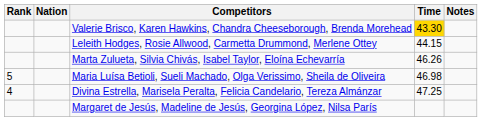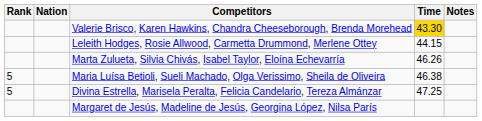 <table class="wikitable sortable">
 <tr>
 <th>Rank</th>
 <th>Nation</th>
 <th>Competitors</th>
 <th>Time</th>
 <th>Notes</th>
 </tr>
 <tr>
 <td></td>
 <td></td>
 <td><a href='#'>Valerie Brisco</a>, <a href='#'>Karen Hawkins</a>, <a href='#'>Chandra Cheeseborough</a>, <a href='#'>Brenda Morehead</a></td>
 <td style="background: gold;">43.30</td>
 <td></td>
 </tr>
 <tr>
 <td></td>
 <td></td>
 <td><a href='#'>Leleith Hodges</a>, <a href='#'>Rosie Allwood</a>, <a href='#'>Carmetta Drummond</a>, <a href='#'>Merlene Ottey</a></td>
 <td>44.15</td>
 <td></td>
 </tr>
 <tr>
 <td></td>
 <td></td>
 <td><a href='#'>Marta Zulueta</a>, <a href='#'>Silvia Chivás</a>, <a href='#'>Isabel Taylor</a>, <a href='#'>Eloína Echevarría</a></td>
 <td>46.26</td>
 <td></td>
 </tr>
 <tr>
 <td>5</td>
 <td></td>
 <td><a href='#'>Maria Luísa Betioli</a>, <a href='#'>Sueli Machado</a>, <a href='#'>Olga Verissimo</a>, <a href='#'>Sheila de Oliveira</a></td>
-<td>46.98</td>
+<td>46.38</td>
 <td></td>
 </tr>
 <tr>
-<td>4</td>
+<td>5</td>
 <td></td>
 <td><a href='#'>Divina Estrella</a>, <a href='#'>Marisela Peralta</a>, <a href='#'>Felicia Candelario</a>, <a href='#'>Tereza Almánzar</a></td>
 <td>47.25</td>
 <td></td>
 </tr>
 <tr>
 <td></td>
 <td></td>
 <td><a href='#'>Margaret de Jesús</a>, <a href='#'>Madeline de Jesús</a>, <a href='#'>Georgina López</a>, <a href='#'>Nilsa París</a></td>
 <td></td>
 <td></td>
 </tr>
 </table>
